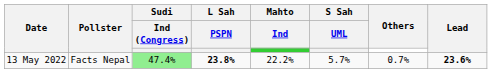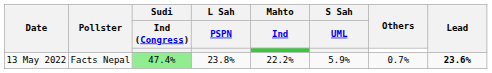 <table class="wikitable sortable" style="text-align:center;font-size:95%;line-height:16px">
 <tr>
 <th rowspan="3">Date</th>
 <th rowspan="3">Pollster</th>
 <th style="width:75px;">Sudi</th>
 <th style="width:75px;">L Sah</th>
 <th style="width:75px;">Mahto</th>
 <th style="width:75px;">S Sah</th>
 <th rowspan="2" style="width:75px;">Others</th>
 <th rowspan="3" style="width:75px;">Lead</th>
 </tr>
 <tr>
 <th>Ind<br>(<a href='#'>Congress</a>)</th>
 <th><a href='#'>PSPN</a></th>
 <th><a href='#'>Ind</a></th>
 <th><a href='#'>UML</a></th>
 </tr>
 <tr>
 <th style="background:"></th>
 <th style="background:"></th>
 <th style="background:limegreen"></th>
 <th style="background:"></th>
 <th style="background:white"></th>
 </tr>
 <tr>
 <td>13 May 2022</td>
 <td>Facts Nepal</td>
 <td style="background:lightgreen;">47.4%</td>
-<td><strong>23.8%</strong></td>
+<td>23.8%</td>
 <td>22.2%</td>
-<td>5.7%</td>
+<td>5.9%</td>
 <td>0.7%</td>
 <td style="background:"><strong>23.6%</strong></td>
 </tr>
 </table>
